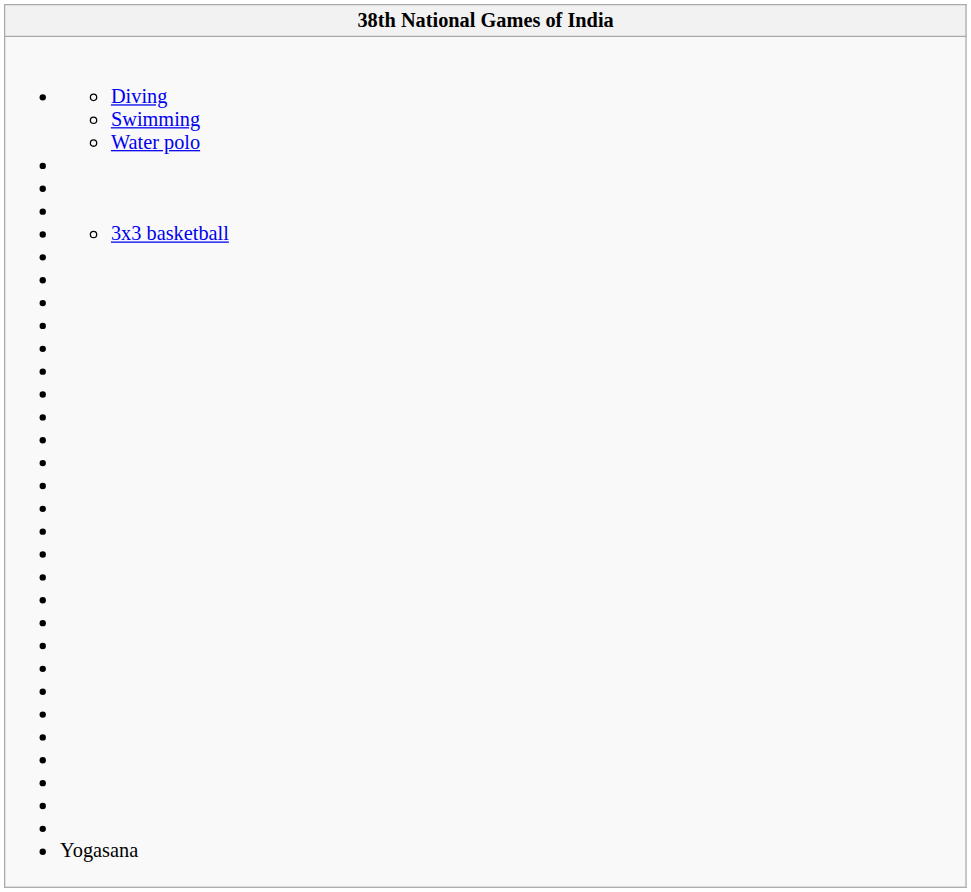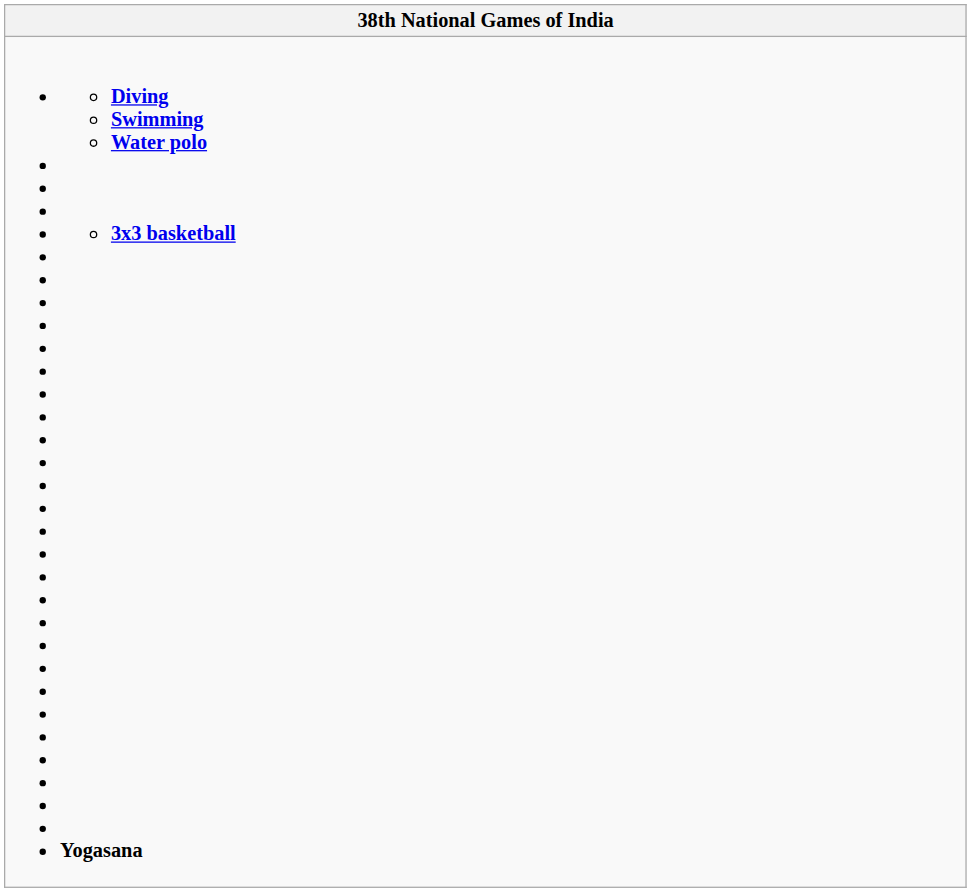 <table class="wikitable" style="width: 60%;">
 <tr>
 <th>38th National Games of India</th>
 </tr>
 <tr>
-<td><br><ul><li><ul><li><a href='#'>Diving</a></li><li><a href='#'>Swimming</a></li><li><a href='#'>Water polo</a></li></ul></li><li></li><li></li><li></li><li><ul><li><a href='#'>3x3 basketball</a></li></ul></li><li></li><li></li><li></li><li></li><li></li><li></li><li></li><li></li><li></li><li></li><li></li><li></li><li></li><li></li><li></li><li></li><li></li><li></li><li></li><li></li><li></li><li></li><li></li><li></li><li></li><li></li><li>Yogasana</li></ul></td>
+<td><strong><br><ul><li><ul><li><a href='#'>Diving</a></li><li><a href='#'>Swimming</a></li><li><a href='#'>Water polo</a></li></ul></li><li></li><li></li><li></li><li><ul><li><a href='#'>3x3 basketball</a></li></ul></li><li></li><li></li><li></li><li></li><li></li><li></li><li></li><li></li><li></li><li></li><li></li><li></li><li></li><li></li><li></li><li></li><li></li><li></li><li></li><li></li><li></li><li></li><li></li><li></li><li></li><li></li><li>Yogasana</li></ul></strong></td>
 </tr>
 </table>
